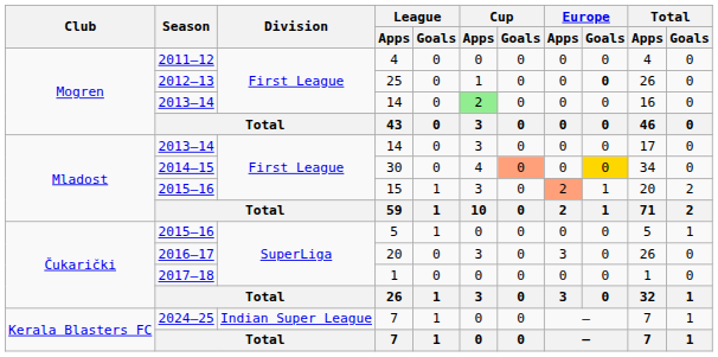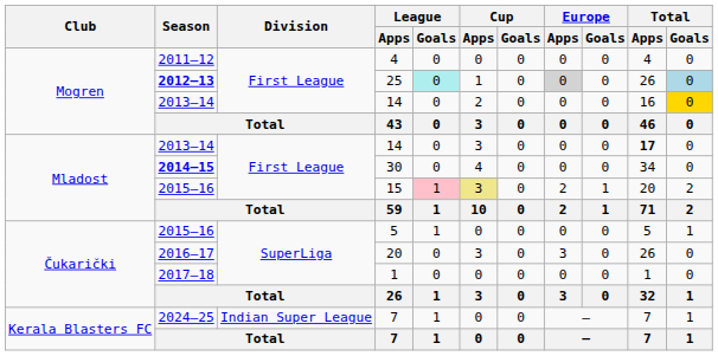 <table class="wikitable" style="text-align:center">
 <tr>
 <th rowspan="2">Club</th>
 <th rowspan="2">Season</th>
 <th rowspan="2">Division</th>
 <th colspan="2">League</th>
 <th colspan="2">Cup</th>
 <th colspan="2"><a href='#'>Europe</a></th>
 <th colspan="2">Total</th>
 </tr>
 <tr>
 <th>Apps</th>
 <th>Goals</th>
 <th>Apps</th>
 <th>Goals</th>
 <th>Apps</th>
 <th>Goals</th>
 <th>Apps</th>
 <th>Goals</th>
 </tr>
 <tr>
 <td rowspan="4"><a href='#'>Mogren</a></td>
 <td><a href='#'>2011–12</a></td>
 <td rowspan="3"><a href='#'>First League</a></td>
 <td>4</td>
 <td>0</td>
 <td>0</td>
 <td>0</td>
 <td>0</td>
 <td>0</td>
 <td>4</td>
 <td>0</td>
 </tr>
 <tr>
-<td><a href='#'>2012–13</a></td>
+<td><strong><a href='#'>2012–13</a></strong></td>
 <td>25</td>
-<td>0</td>
+<td style="background: paleturquoise;">0</td>
 <td>1</td>
 <td>0</td>
+<td style="background: lightgrey;">0</td>
 <td>0</td>
-<td><strong>0</strong></td>
 <td>26</td>
-<td>0</td>
+<td style="background: lightblue;">0</td>
 </tr>
 <tr>
 <td><a href='#'>2013–14</a></td>
 <td>14</td>
 <td>0</td>
-<td style="background: lightgreen;">2</td>
+<td>2</td>
 <td>0</td>
 <td>0</td>
 <td>0</td>
 <td>16</td>
-<td>0</td>
+<td style="background: gold;">0</td>
 </tr>
 <tr>
 <th colspan="2">Total</th>
 <th>43</th>
 <th>0</th>
 <th>3</th>
 <th>0</th>
 <th>0</th>
 <th>0</th>
 <th>46</th>
 <th>0</th>
 </tr>
 <tr>
 <td rowspan="4"><a href='#'>Mladost</a></td>
 <td><a href='#'>2013–14</a></td>
 <td rowspan="3"><a href='#'>First League</a></td>
 <td>14</td>
 <td>0</td>
 <td>3</td>
 <td>0</td>
 <td>0</td>
 <td>0</td>
-<td>17</td>
+<td><strong>17</strong></td>
 <td>0</td>
 </tr>
 <tr>
-<td><a href='#'>2014–15</a></td>
+<td><strong><a href='#'>2014–15</a></strong></td>
 <td>30</td>
 <td>0</td>
 <td>4</td>
-<td style="background: lightsalmon;">0</td>
 <td>0</td>
-<td style="background: gold;">0</td>
+<td>0</td>
+<td>0</td>
 <td>34</td>
 <td>0</td>
 </tr>
 <tr>
 <td><a href='#'>2015–16</a></td>
 <td>15</td>
-<td>1</td>
-<td>3</td>
+<td style="background: pink;">1</td>
+<td style="background: khaki;">3</td>
 <td>0</td>
-<td style="background: lightsalmon;">2</td>
+<td>2</td>
 <td>1</td>
 <td>20</td>
 <td>2</td>
 </tr>
 <tr>
 <th colspan="2">Total</th>
 <th>59</th>
 <th>1</th>
 <th>10</th>
 <th>0</th>
 <th>2</th>
 <th>1</th>
 <th>71</th>
 <th>2</th>
 </tr>
 <tr>
 <td rowspan="4"><a href='#'>Čukarički</a></td>
 <td><a href='#'>2015–16</a></td>
 <td rowspan="3"><a href='#'>SuperLiga</a></td>
 <td>5</td>
 <td>1</td>
 <td>0</td>
 <td>0</td>
 <td>0</td>
 <td>0</td>
 <td>5</td>
 <td>1</td>
 </tr>
 <tr>
 <td><a href='#'>2016–17</a></td>
 <td>20</td>
 <td>0</td>
 <td>3</td>
 <td>0</td>
 <td>3</td>
 <td>0</td>
 <td>26</td>
 <td>0</td>
 </tr>
 <tr>
 <td><a href='#'>2017–18</a></td>
 <td>1</td>
 <td>0</td>
 <td>0</td>
 <td>0</td>
 <td>0</td>
 <td>0</td>
 <td>1</td>
 <td>0</td>
 </tr>
 <tr>
 <th colspan="2">Total</th>
 <th>26</th>
 <th>1</th>
 <th>3</th>
 <th>0</th>
 <th>3</th>
 <th>0</th>
 <th>32</th>
 <th>1</th>
 </tr>
 <tr>
 <td rowspan="4"><a href='#'>Kerala Blasters FC</a></td>
 <td><a href='#'>2024–25</a></td>
 <td rowspan="1"><a href='#'>Indian Super League</a></td>
 <td>7</td>
 <td>1</td>
 <td>0</td>
 <td>0</td>
 <td colspan="2">–</td>
 <td>7</td>
 <td>1</td>
 </tr>
 <tr>
 <th colspan="2">Total</th>
 <th>7</th>
 <th>1</th>
 <th>0</th>
 <th>0</th>
 <th colspan="2">–</th>
 <th>7</th>
 <th>1</th>
 </tr>
 </table>
